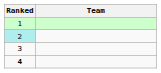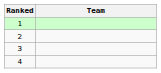 <table class="wikitable" style="text-align:center; font-size:90%">
 <tr>
 <th width=40>Ranked</th>
 <th width=180>Team</th>
 </tr>
 <tr bgcolor="ccffcc">
 <td style="text-align:center">1</td>
 <td style="text-align:left"></td>
 </tr>
 <tr>
-<td style="background: paleturquoise; text-align:center">2</td>
+<td style="text-align:center">2</td>
 <td style="text-align:left"></td>
 </tr>
 <tr>
 <td style="text-align:center">3</td>
 <td style="text-align:left"></td>
 </tr>
 <tr>
-<td style="text-align:center"><strong>4</strong></td>
+<td style="text-align:center">4</td>
 <td style="text-align:left"></td>
 </tr>
 </table>
